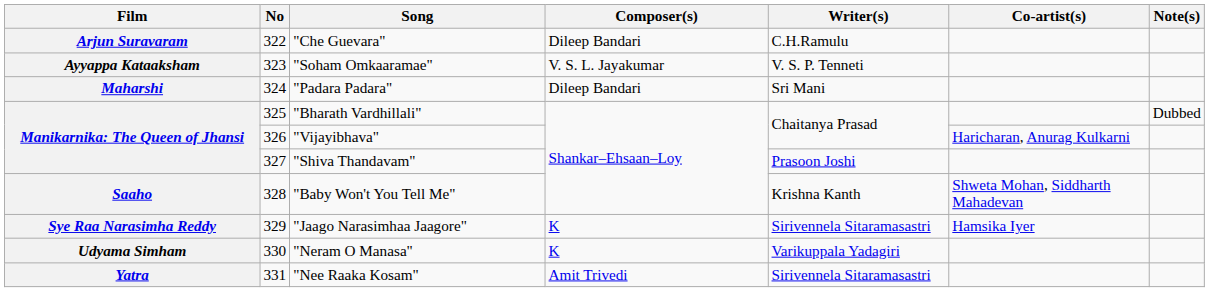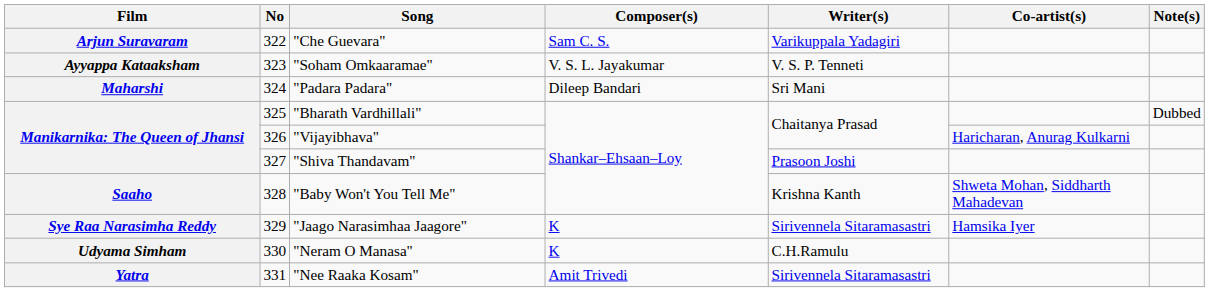 <table class="wikitable plainrowheaders" width="100%" textcolor:#000;">
 <tr style="background:#b0e0e66;">
 <th scope="col" width=23%><strong>Film</strong></th>
 <th>No</th>
 <th scope="col" width="23%"><strong>Song</strong></th>
 <th scope="col" width=20%><strong>Composer(s)</strong></th>
 <th scope="col" width=16%><strong>Writer(s)</strong></th>
 <th scope="col" width=18%><strong>Co-artist(s)</strong></th>
 <th>Note(s)</th>
 </tr>
 <tr>
 <th><em><a href='#'>Arjun Suravaram</a></em></th>
 <td>322</td>
 <td>"Che Guevara"</td>
-<td>Dileep Bandari</td>
-<td>C.H.Ramulu</td>
+<td><a href='#'>Sam C. S.</a></td>
+<td><a href='#'>Varikuppala Yadagiri</a></td>
 <td></td>
 <td></td>
 </tr>
 <tr>
 <th><em>Ayyappa Kataaksham</em></th>
 <td>323</td>
 <td>"Soham Omkaaramae"</td>
 <td>V. S. L. Jayakumar</td>
 <td>V. S. P. Tenneti</td>
 <td></td>
 <td></td>
 </tr>
 <tr>
 <th><em><a href='#'>Maharshi</a></em></th>
 <td>324</td>
 <td>"Padara Padara"</td>
 <td>Dileep Bandari</td>
 <td>Sri Mani</td>
 <td></td>
 <td></td>
 </tr>
 <tr>
 <th rowspan="3"><em><a href='#'>Manikarnika: The Queen of Jhansi</a></em></th>
 <td>325</td>
 <td>"Bharath Vardhillali"</td>
 <td rowspan="4"><a href='#'>Shankar–Ehsaan–Loy</a></td>
 <td rowspan="2">Chaitanya Prasad</td>
 <td></td>
 <td>Dubbed</td>
 </tr>
 <tr>
 <td>326</td>
 <td>"Vijayibhava"</td>
 <td><a href='#'>Haricharan</a>, <a href='#'>Anurag Kulkarni</a></td>
 <td></td>
 </tr>
 <tr>
 <td>327</td>
 <td>"Shiva Thandavam"</td>
 <td><a href='#'>Prasoon Joshi</a></td>
 <td></td>
 <td></td>
 </tr>
 <tr>
 <th><em><a href='#'>Saaho</a></em></th>
 <td>328</td>
 <td>"Baby Won't You Tell Me"</td>
 <td>Krishna Kanth</td>
 <td><a href='#'>Shweta Mohan</a>, <a href='#'>Siddharth Mahadevan</a></td>
 <td></td>
 </tr>
 <tr>
 <th><em><a href='#'>Sye Raa Narasimha Reddy</a></em></th>
 <td>329</td>
 <td>"Jaago Narasimhaa Jaagore"</td>
 <td><a href='#'>K</a></td>
 <td><a href='#'>Sirivennela Sitaramasastri</a></td>
 <td><a href='#'>Hamsika Iyer</a></td>
 <td></td>
 </tr>
 <tr>
 <th><em>Udyama Simham</em></th>
 <td>330</td>
 <td>"Neram O Manasa"</td>
 <td><a href='#'>K</a></td>
-<td><a href='#'>Varikuppala Yadagiri</a></td>
+<td>C.H.Ramulu</td>
 <td></td>
 <td></td>
 </tr>
 <tr>
 <th><em><a href='#'>Yatra</a></em></th>
 <td>331</td>
 <td>"Nee Raaka Kosam"</td>
 <td><a href='#'>Amit Trivedi</a></td>
 <td><a href='#'>Sirivennela Sitaramasastri</a></td>
 <td></td>
 <td></td>
 </tr>
 </table>
